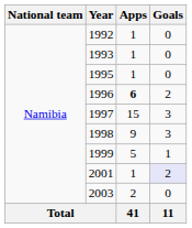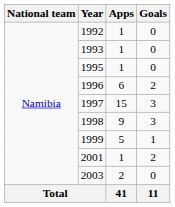 <table class="wikitable" style="text-align:center">
 <tr>
 <th>National team</th>
 <th>Year</th>
 <th>Apps</th>
 <th>Goals</th>
 </tr>
 <tr>
 <td rowspan="9"><a href='#'>Namibia</a></td>
 <td>1992</td>
 <td>1</td>
 <td>0</td>
 </tr>
 <tr>
 <td>1993</td>
 <td>1</td>
 <td>0</td>
 </tr>
 <tr>
 <td>1995</td>
 <td>1</td>
 <td>0</td>
 </tr>
 <tr>
 <td>1996</td>
-<td><strong>6</strong></td>
+<td>6</td>
 <td>2</td>
 </tr>
 <tr>
 <td>1997</td>
 <td>15</td>
 <td>3</td>
 </tr>
 <tr>
 <td>1998</td>
 <td>9</td>
 <td>3</td>
 </tr>
 <tr>
 <td>1999</td>
 <td>5</td>
 <td>1</td>
 </tr>
 <tr>
 <td>2001</td>
 <td>1</td>
-<td style="background: lavender;">2</td>
+<td>2</td>
 </tr>
 <tr>
 <td>2003</td>
 <td>2</td>
 <td>0</td>
 </tr>
 <tr>
 <th colspan="2">Total</th>
 <th>41</th>
 <th>11</th>
 </tr>
 </table>
